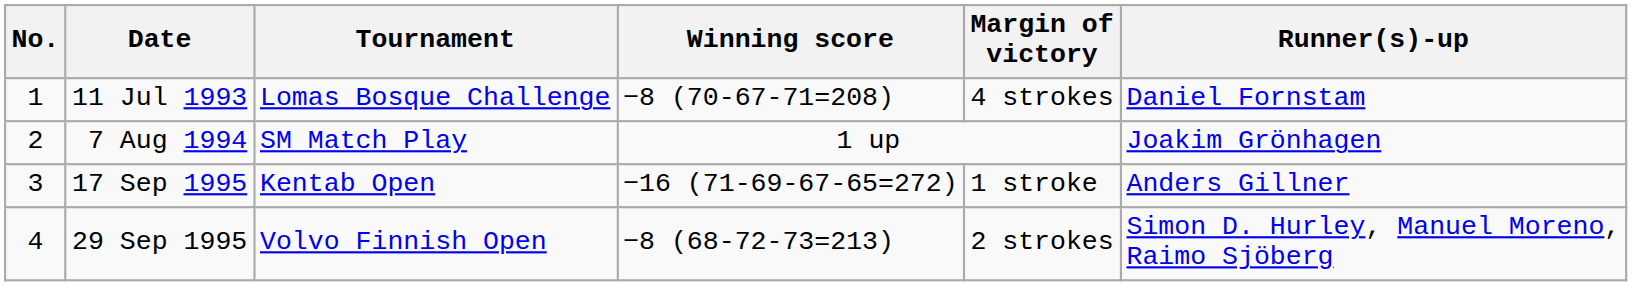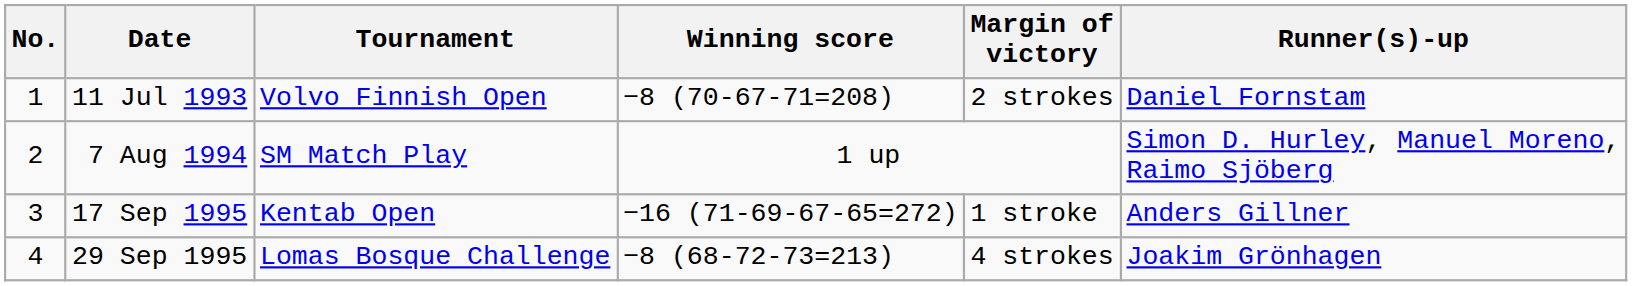 <table class="wikitable" style="font-size:95%;">
 <tr>
 <th>No.</th>
 <th>Date</th>
 <th>Tournament</th>
 <th>Winning score</th>
 <th>Margin of<br>victory</th>
 <th>Runner(s)-up</th>
 </tr>
 <tr>
 <td align=center>1</td>
 <td align=right>11 Jul <a href='#'>1993</a></td>
-<td><a href='#'>Lomas Bosque Challenge</a></td>
+<td><a href='#'>Volvo Finnish Open</a></td>
 <td>−8 (70-67-71=208)</td>
-<td>4 strokes</td>
+<td>2 strokes</td>
 <td> <a href='#'>Daniel Fornstam</a></td>
 </tr>
 <tr>
 <td align=center>2</td>
 <td align=right>7 Aug <a href='#'>1994</a></td>
 <td><a href='#'>SM Match Play</a></td>
 <td colspan=2 align=center>1 up</td>
-<td> <a href='#'>Joakim Grönhagen</a></td>
+<td> <a href='#'>Simon D. Hurley</a>,  <a href='#'>Manuel Moreno</a>,<br> <a href='#'>Raimo Sjöberg</a></td>
 </tr>
 <tr>
 <td align=center>3</td>
 <td align=right>17 Sep <a href='#'>1995</a></td>
 <td><a href='#'>Kentab Open</a></td>
 <td>−16 (71-69-67-65=272)</td>
 <td>1 stroke</td>
 <td> <a href='#'>Anders Gillner</a></td>
 </tr>
 <tr>
 <td align=center>4</td>
 <td align=right>29 Sep 1995</td>
-<td><a href='#'>Volvo Finnish Open</a></td>
+<td><a href='#'>Lomas Bosque Challenge</a></td>
 <td>−8 (68-72-73=213)</td>
-<td>2 strokes</td>
-<td> <a href='#'>Simon D. Hurley</a>,  <a href='#'>Manuel Moreno</a>,<br> <a href='#'>Raimo Sjöberg</a></td>
+<td>4 strokes</td>
+<td> <a href='#'>Joakim Grönhagen</a></td>
 </tr>
 </table>
